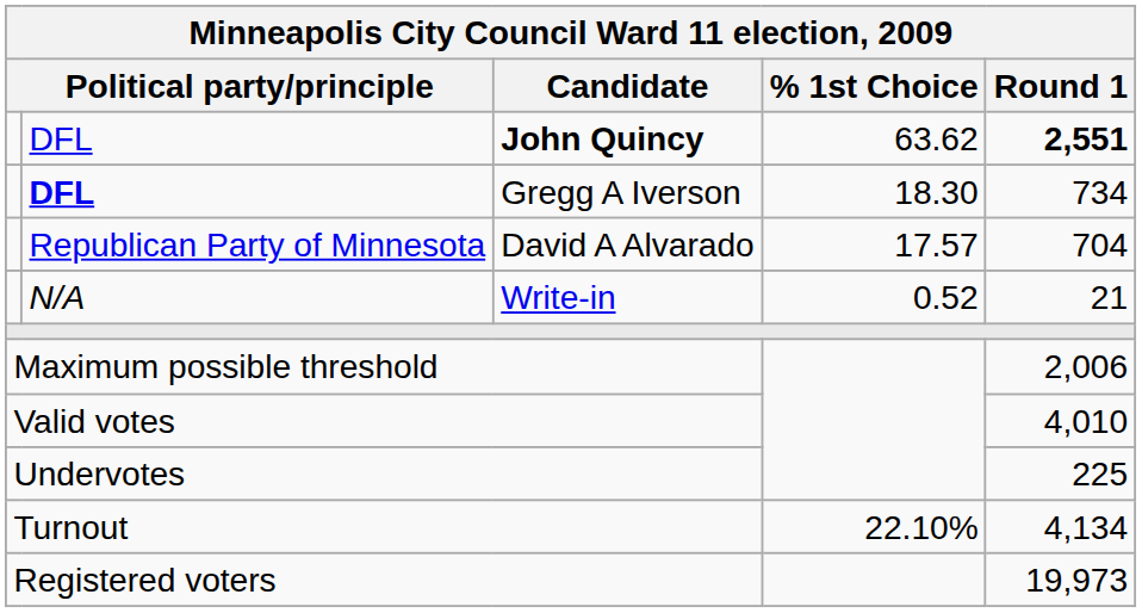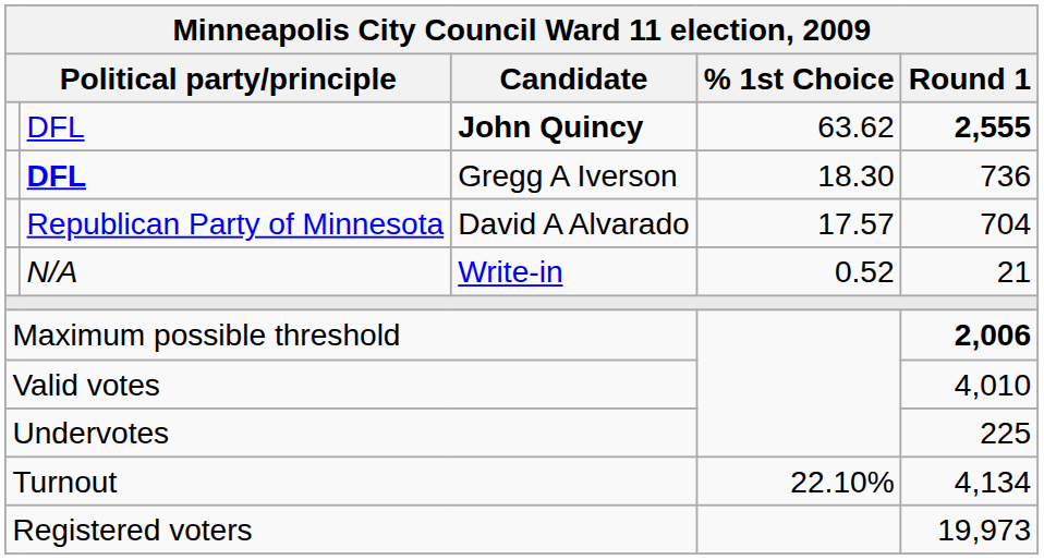 <table class="wikitable" style="font-size:95%">
 <tr>
 <th colspan="5">Minneapolis City Council Ward 11 election, 2009</th>
 </tr>
 <tr>
 <th colspan="2">Political party/principle</th>
 <th>Candidate</th>
 <th>% 1st Choice</th>
 <th>Round 1</th>
 </tr>
 <tr>
 <td style="background-color:"></td>
 <td><a href='#'>DFL</a></td>
 <td><strong>John Quincy</strong></td>
 <td align="right">63.62</td>
-<td align="right"><strong>2,551</strong></td>
+<td align="right"><strong>2,555</strong></td>
 </tr>
 <tr>
 <td style="background-color:"></td>
 <td><strong><a href='#'>DFL</a></strong></td>
 <td>Gregg A Iverson</td>
 <td align="right">18.30</td>
-<td align="right">734</td>
+<td align="right">736</td>
 </tr>
 <tr>
 <td style="background-color:"></td>
 <td><a href='#'>Republican Party of Minnesota</a></td>
 <td>David A Alvarado</td>
 <td align="right">17.57</td>
 <td align="right">704</td>
 </tr>
 <tr>
 <td style="background-color:"></td>
 <td><em>N/A</em></td>
 <td><a href='#'>Write-in</a></td>
 <td align="right">0.52</td>
 <td align="right">21</td>
 </tr>
 <tr>
 <td colspan="5" style="background: #E9E9E9"></td>
 </tr>
 <tr>
 <td colspan="3">Maximum possible threshold</td>
 <td rowspan="3"></td>
-<td align="right">2,006</td>
+<td align="right"><strong>2,006</strong></td>
 </tr>
 <tr>
 <td colspan="3">Valid votes</td>
 <td align="right">4,010</td>
 </tr>
 <tr>
 <td colspan="3">Undervotes</td>
 <td align="right">225</td>
 </tr>
 <tr>
 <td colspan="3">Turnout</td>
 <td align="right">22.10%</td>
 <td align="right">4,134</td>
 </tr>
 <tr>
 <td colspan="3">Registered voters</td>
 <td></td>
 <td align="right">19,973</td>
 </tr>
 </table>
